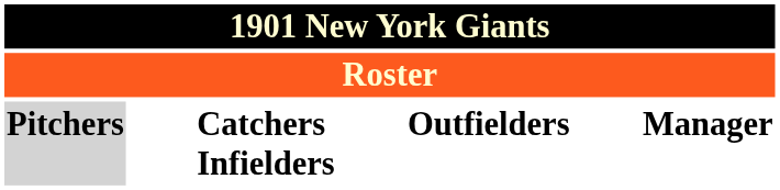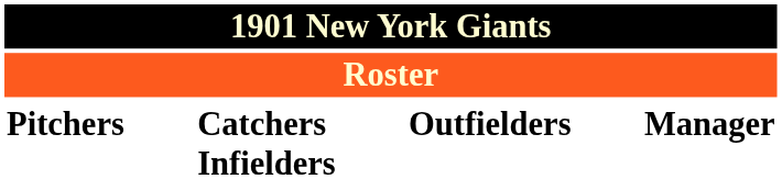 <table class="toccolours" style="font-size: 95%;">
 <tr>
 <th colspan="10" style="background-color: black; color: #FFFDD0; text-align: center;">1901 New York Giants</th>
 </tr>
 <tr>
 <td colspan="10" style="background-color: #fd5a1e; color: #FFFDD0; text-align: center;"><strong>Roster</strong></td>
 </tr>
 <tr>
-<td valign="top" style="background: lightgrey;"><strong>Pitchers</strong><br>              </td>
+<td valign="top"><strong>Pitchers</strong><br>              </td>
 <td width="25px"></td>
 <td valign="top"><strong>Catchers</strong><br>    <strong>Infielders</strong>         </td>
 <td width="25px"></td>
 <td valign="top"><strong>Outfielders</strong><br>     </td>
 <td width="25px"></td>
 <td valign="top"><strong>Manager</strong><br></td>
 </tr>
 </table>
